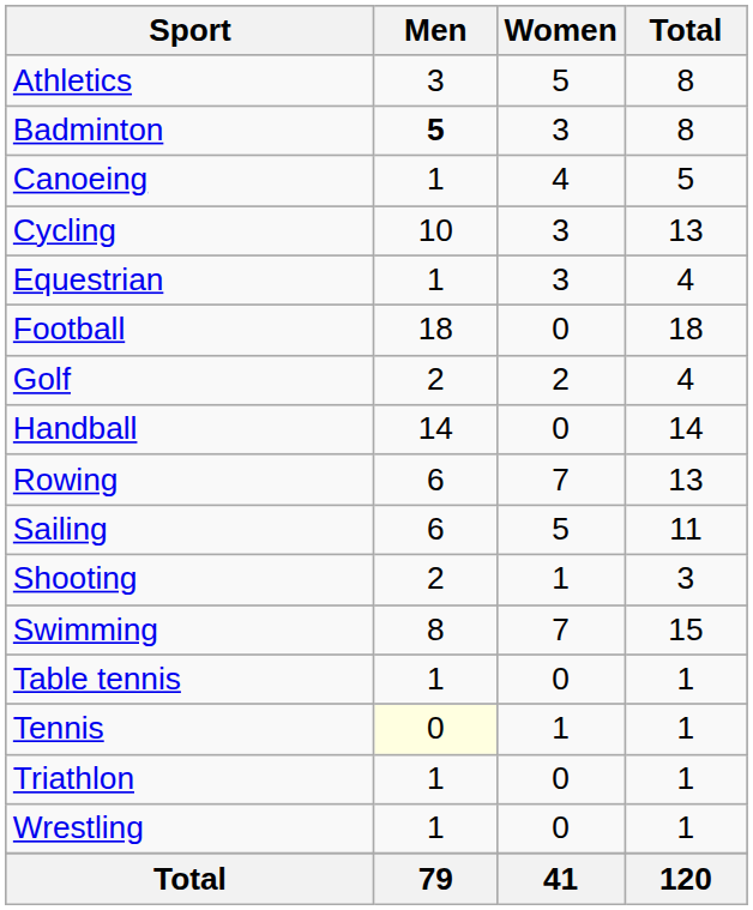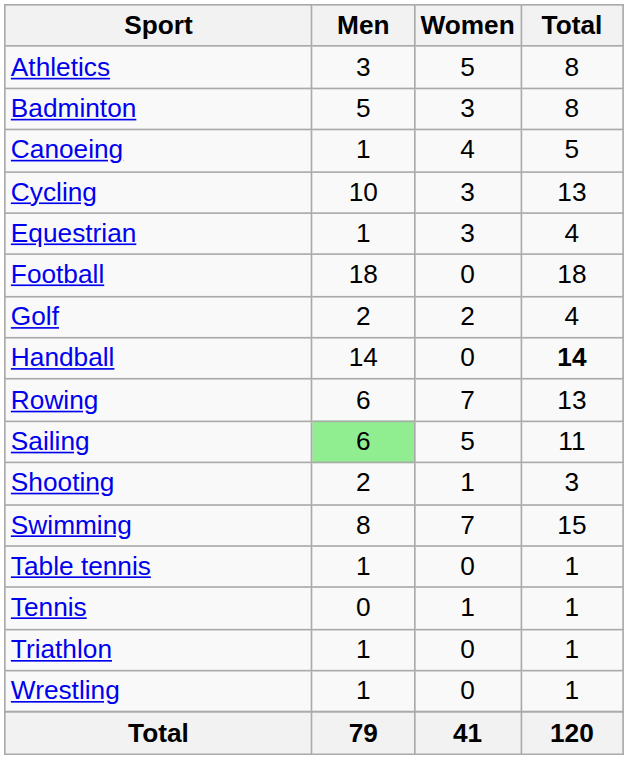 <table class="wikitable sortable" style="text-align:center;">
 <tr>
 <th width=180>Sport</th>
 <th width=55>Men</th>
 <th width=55>Women</th>
 <th width=55>Total</th>
 </tr>
 <tr>
 <td align=left><a href='#'>Athletics</a></td>
 <td>3</td>
 <td>5</td>
 <td>8</td>
 </tr>
 <tr>
 <td align=left><a href='#'>Badminton</a></td>
-<td><strong>5</strong></td>
+<td>5</td>
 <td>3</td>
 <td>8</td>
 </tr>
 <tr>
 <td align=left><a href='#'>Canoeing</a></td>
 <td>1</td>
 <td>4</td>
 <td>5</td>
 </tr>
 <tr>
 <td align=left><a href='#'>Cycling</a></td>
 <td>10</td>
 <td>3</td>
 <td>13</td>
 </tr>
 <tr>
 <td align=left><a href='#'>Equestrian</a></td>
 <td>1</td>
 <td>3</td>
 <td>4</td>
 </tr>
 <tr>
 <td align=left><a href='#'>Football</a></td>
 <td>18</td>
 <td>0</td>
 <td>18</td>
 </tr>
 <tr>
 <td align=left><a href='#'>Golf</a></td>
 <td>2</td>
 <td>2</td>
 <td>4</td>
 </tr>
 <tr>
 <td align=left><a href='#'>Handball</a></td>
 <td>14</td>
 <td>0</td>
-<td>14</td>
+<td><strong>14</strong></td>
 </tr>
 <tr>
 <td align=left><a href='#'>Rowing</a></td>
 <td>6</td>
 <td>7</td>
 <td>13</td>
 </tr>
 <tr>
 <td align=left><a href='#'>Sailing</a></td>
-<td>6</td>
+<td style="background: lightgreen;">6</td>
 <td>5</td>
 <td>11</td>
 </tr>
 <tr>
 <td align=left><a href='#'>Shooting</a></td>
 <td>2</td>
 <td>1</td>
 <td>3</td>
 </tr>
 <tr>
 <td align=left><a href='#'>Swimming</a></td>
 <td>8</td>
 <td>7</td>
 <td>15</td>
 </tr>
 <tr>
 <td align=left><a href='#'>Table tennis</a></td>
 <td>1</td>
 <td>0</td>
 <td>1</td>
 </tr>
 <tr>
 <td align=left><a href='#'>Tennis</a></td>
-<td style="background: lightyellow;">0</td>
+<td>0</td>
 <td>1</td>
 <td>1</td>
 </tr>
 <tr>
 <td align=left><a href='#'>Triathlon</a></td>
 <td>1</td>
 <td>0</td>
 <td>1</td>
 </tr>
 <tr>
 <td align=left><a href='#'>Wrestling</a></td>
 <td>1</td>
 <td>0</td>
 <td>1</td>
 </tr>
 <tr>
 </tr>
 <tr class="sortbottom">
 <th>Total</th>
 <th>79</th>
 <th>41</th>
 <th>120</th>
 </tr>
 </table>
